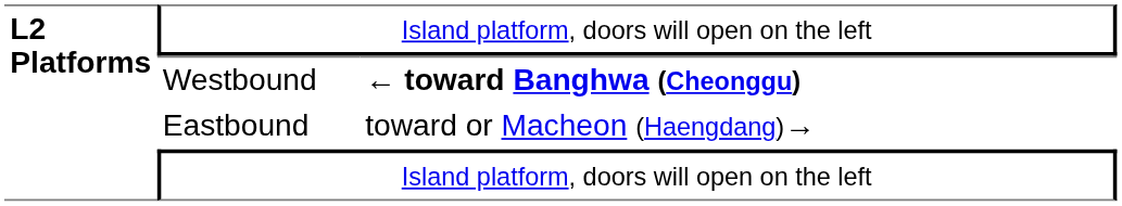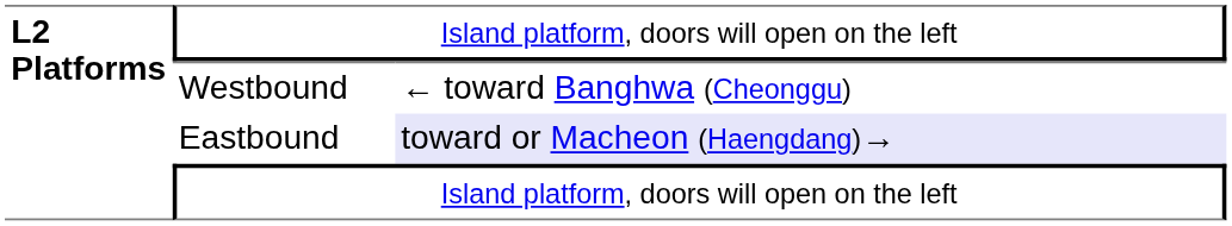 <table table border=0 cellspacing=0 cellpadding=3>
 <tr>
 <td style="border-top:solid 1px gray;border-bottom:solid 1px gray;" width=50 rowspan=10 valign=top><strong>L2<br>Platforms</strong></td>
 <td style="border-top:solid 1px gray;border-right:solid 2px black;border-left:solid 2px black;border-bottom:solid 2px black;text-align:center;" colspan=2><small><a href='#'>Island platform</a>, doors will open on the left</small></td>
 </tr>
 <tr>
 <td style="border-bottom:solid 0px gray;border-top:solid 1px gray;" width=100>Westbound</td>
-<td style="border-bottom:solid 0px gray;border-top:solid 1px gray;" width=390><strong>←  toward <a href='#'>Banghwa</a> <small>(<a href='#'>Cheonggu</a>)</small></strong></td>
+<td style="border-bottom:solid 0px gray;border-top:solid 1px gray;" width=390>←  toward <a href='#'>Banghwa</a> <small>(<a href='#'>Cheonggu</a>)</small></td>
 </tr>
 <tr>
 <td>Eastbound</td>
-<td>  toward  or <a href='#'>Macheon</a> <small>(<a href='#'>Haengdang</a>)</small>→</td>
+<td style="background: lavender;">  toward  or <a href='#'>Macheon</a> <small>(<a href='#'>Haengdang</a>)</small>→</td>
 </tr>
 <tr>
 <td style="border-top:solid 2px black;border-right:solid 2px black;border-left:solid 2px black;border-bottom:solid 1px gray;text-align:center;" colspan=2><small><a href='#'>Island platform</a>, doors will open on the left</small></td>
 </tr>
 </table>
